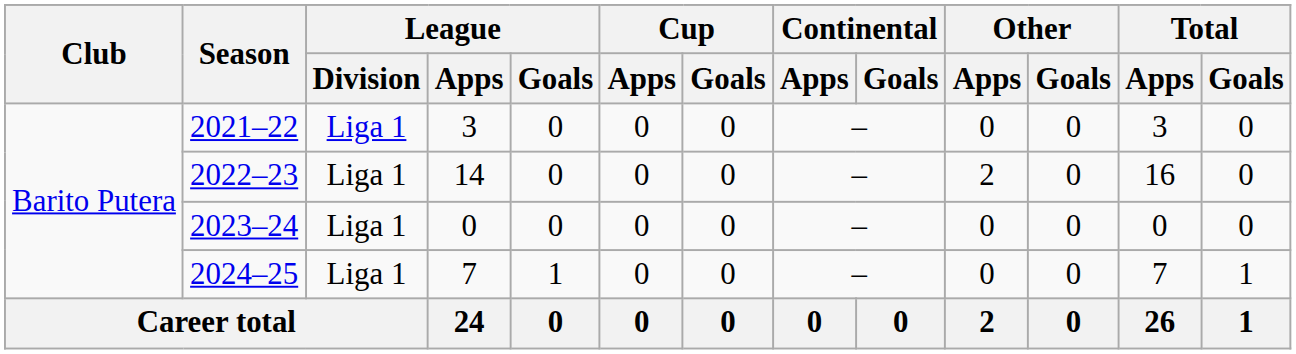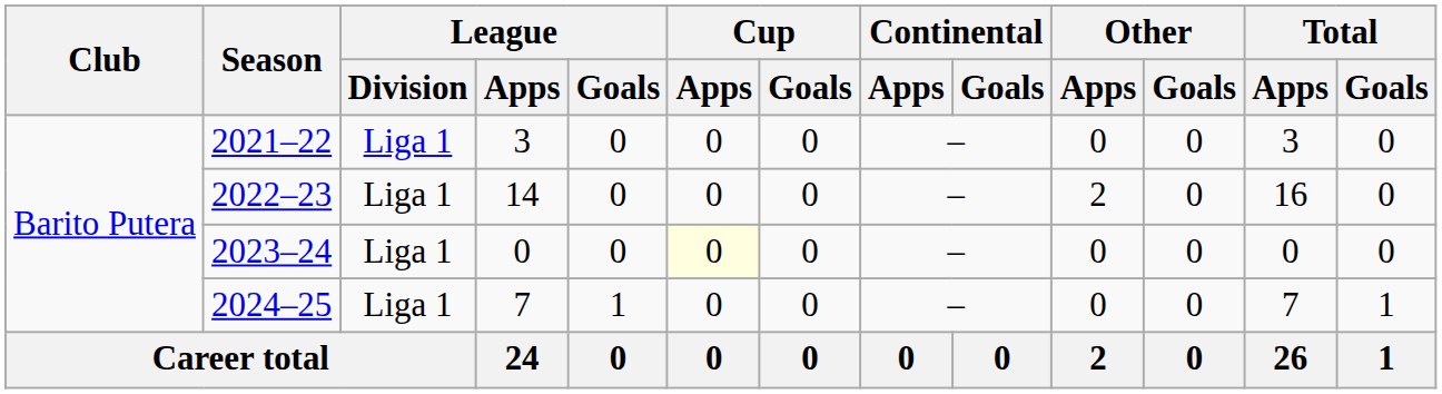 <table class="wikitable" style="text-align: center">
 <tr>
 <th rowspan="2">Club</th>
 <th rowspan="2">Season</th>
 <th colspan="3">League</th>
 <th colspan="2">Cup</th>
 <th colspan="2">Continental</th>
 <th colspan="2">Other</th>
 <th colspan="2">Total</th>
 </tr>
 <tr>
 <th>Division</th>
 <th>Apps</th>
 <th>Goals</th>
 <th>Apps</th>
 <th>Goals</th>
 <th>Apps</th>
 <th>Goals</th>
 <th>Apps</th>
 <th>Goals</th>
 <th>Apps</th>
 <th>Goals</th>
 </tr>
 <tr>
 <td rowspan="4"><a href='#'>Barito Putera</a></td>
 <td><a href='#'>2021–22</a></td>
 <td rowspan="1" valign="center"><a href='#'>Liga 1</a></td>
 <td>3</td>
 <td>0</td>
 <td>0</td>
 <td>0</td>
 <td colspan="2">–</td>
 <td>0</td>
 <td>0</td>
 <td>3</td>
 <td>0</td>
 </tr>
 <tr>
 <td><a href='#'>2022–23</a></td>
 <td rowspan="1" valign="center">Liga 1</td>
 <td>14</td>
 <td>0</td>
 <td>0</td>
 <td>0</td>
 <td colspan=2>–</td>
 <td>2</td>
 <td>0</td>
 <td>16</td>
 <td>0</td>
 </tr>
 <tr>
 <td><a href='#'>2023–24</a></td>
 <td>Liga 1</td>
 <td>0</td>
 <td>0</td>
-<td>0</td>
+<td style="background: lightyellow;">0</td>
 <td>0</td>
 <td colspan="2">–</td>
 <td>0</td>
 <td>0</td>
 <td>0</td>
 <td>0</td>
 </tr>
 <tr>
 <td><a href='#'>2024–25</a></td>
 <td>Liga 1</td>
 <td>7</td>
 <td>1</td>
 <td>0</td>
 <td>0</td>
 <td colspan="2">–</td>
 <td>0</td>
 <td>0</td>
 <td>7</td>
 <td>1</td>
 </tr>
 <tr>
 <th colspan=3>Career total</th>
 <th>24</th>
 <th>0</th>
 <th>0</th>
 <th>0</th>
 <th>0</th>
 <th>0</th>
 <th>2</th>
 <th>0</th>
 <th>26</th>
 <th>1</th>
 </tr>
 </table>
